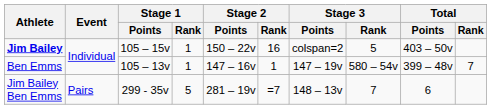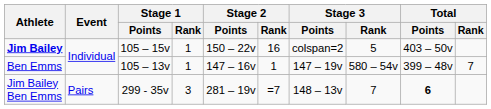 <table class=wikitable style=font-size:90%;text-align:center>
 <tr>
 <th rowspan=2>Athlete</th>
 <th rowspan=2>Event</th>
 <th colspan=2>Stage 1</th>
 <th colspan=2>Stage 2</th>
 <th colspan=2>Stage 3</th>
 <th colspan=2>Total</th>
 </tr>
 <tr style=font-size:95%>
 <th>Points</th>
 <th>Rank</th>
 <th>Points</th>
 <th>Rank</th>
 <th>Points</th>
 <th>Rank</th>
 <th>Points</th>
 <th>Rank</th>
 </tr>
 <tr>
 <td align=left><strong><a href='#'>Jim Bailey</a></strong></td>
 <td align=left rowspan=2><a href='#'>Individual</a></td>
 <td>105 – 15v</td>
 <td>1</td>
 <td>150 – 22v</td>
 <td>16</td>
 <td>colspan=2 </td>
 <td>5</td>
 <td>403 – 50v</td>
 <td></td>
 </tr>
 <tr>
 <td align=left><a href='#'>Ben Emms</a></td>
 <td>105 – 13v</td>
 <td>1</td>
 <td>147 – 16v</td>
 <td>1</td>
 <td>147 – 19v</td>
 <td>580 – 54v</td>
 <td>399 – 48v</td>
 <td>7</td>
 </tr>
 <tr>
 <td align=left><a href='#'>Jim Bailey</a><br><a href='#'>Ben Emms</a></td>
 <td align=left><a href='#'>Pairs</a></td>
 <td>299 - 35v</td>
-<td>5</td>
+<td>3</td>
 <td>281 – 19v</td>
 <td>=7</td>
 <td>148 – 13v</td>
 <td>7</td>
-<td>6</td>
+<td><strong>6</strong></td>
 </tr>
 </table>
